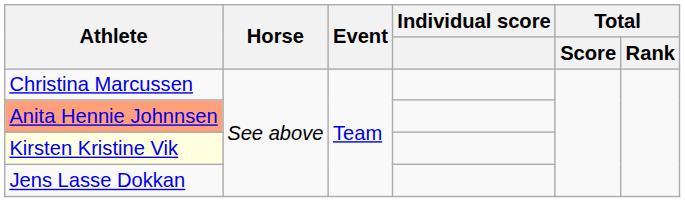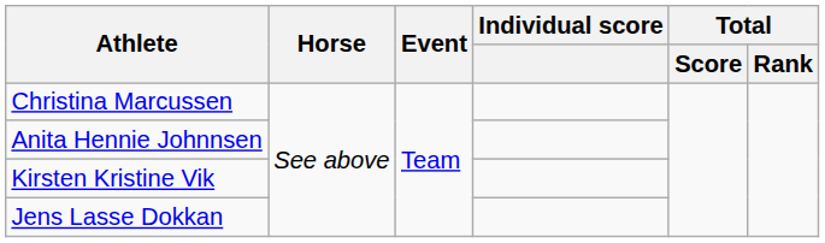 <table class=wikitable style="font-size:90%">
 <tr>
 <th rowspan="2">Athlete</th>
 <th rowspan="2">Horse</th>
 <th rowspan="2">Event</th>
 <th colspan="1">Individual score</th>
 <th colspan="2">Total</th>
 </tr>
 <tr>
 <th></th>
 <th>Score</th>
 <th>Rank</th>
 </tr>
 <tr align=center>
 <td align=left><a href='#'>Christina Marcussen</a></td>
 <td align=left rowspan=4><em>See above</em></td>
 <td align=left rowspan=4><a href='#'>Team</a></td>
 <td></td>
 <td rowspan="4"></td>
 <td rowspan="4"></td>
 </tr>
 <tr align=center>
-<td align=left style="background: lightsalmon;"><a href='#'>Anita Hennie Johnnsen</a></td>
+<td align=left><a href='#'>Anita Hennie Johnnsen</a></td>
 <td></td>
 </tr>
 <tr align=center>
-<td align=left style="background: lightyellow;"><a href='#'>Kirsten Kristine Vik</a></td>
+<td align=left><a href='#'>Kirsten Kristine Vik</a></td>
 <td></td>
 </tr>
 <tr align=center>
 <td align=left><a href='#'>Jens Lasse Dokkan</a></td>
 <td></td>
 </tr>
 </table>
